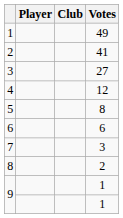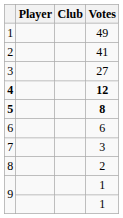 <table class="wikitable sortable" style="text-align:center">
 <tr>
 <th></th>
 <th>Player</th>
 <th>Club</th>
 <th>Votes</th>
 </tr>
 <tr>
 <td>1</td>
 <td></td>
 <td></td>
 <td>49</td>
 </tr>
 <tr>
 <td>2</td>
 <td></td>
 <td></td>
 <td>41</td>
 </tr>
 <tr>
 <td>3</td>
 <td></td>
 <td></td>
 <td>27</td>
 </tr>
 <tr>
-<td>4</td>
+<td><strong>4</strong></td>
 <td></td>
 <td></td>
-<td>12</td>
+<td><strong>12</strong></td>
 </tr>
 <tr>
-<td>5</td>
+<td><strong>5</strong></td>
 <td></td>
 <td></td>
-<td>8</td>
+<td><strong>8</strong></td>
 </tr>
 <tr>
 <td>6</td>
 <td></td>
 <td></td>
 <td>6</td>
 </tr>
 <tr>
 <td>7</td>
 <td></td>
 <td></td>
 <td>3</td>
 </tr>
 <tr>
 <td>8</td>
 <td></td>
 <td></td>
 <td>2</td>
 </tr>
 <tr>
 <td rowspan=2>9</td>
 <td></td>
 <td></td>
 <td>1</td>
 </tr>
 <tr>
 <td></td>
 <td></td>
 <td>1</td>
 </tr>
 </table>
